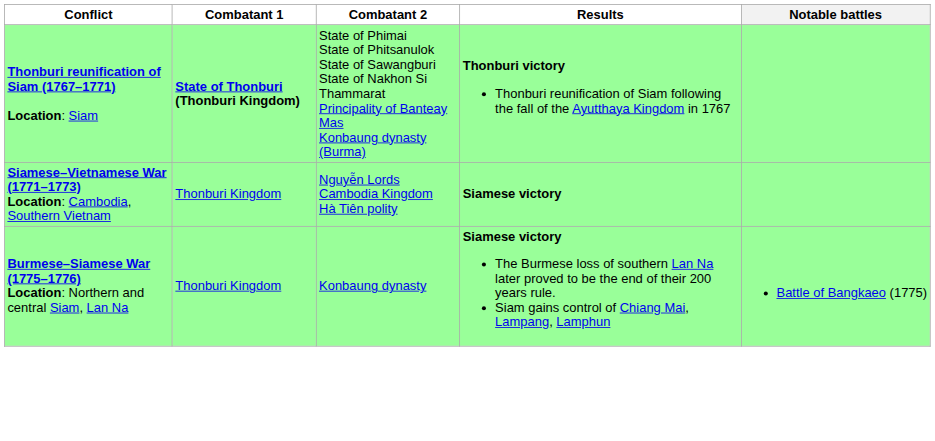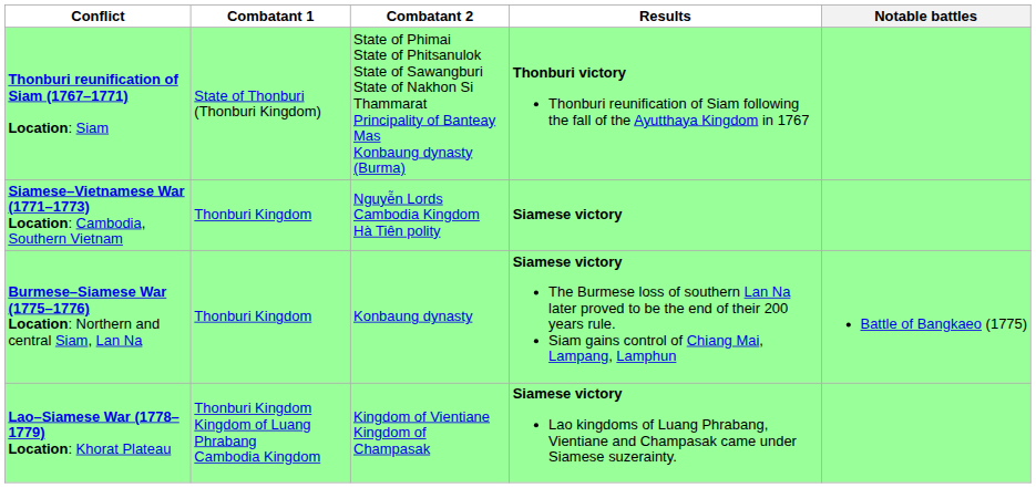 <table class="wikitable">
 <tr>
 <th style="background-color:white;" rowspan="1"width=200px><span>Conflict</span></th>
 <th style="background-color:white;" rowspan="1" width=170px><span>Combatant 1</span></th>
 <th style="background-color:white;" rowspan="1" width=170px><span>Combatant 2</span></th>
 <th style="background-color:white;" rowspan="1" width=340px><span>Results</span></th>
 <th>Notable battles</th>
 </tr>
 <tr bgcolor="#99ff99">
 <td><strong><a href='#'>Thonburi reunification of Siam (1767–1771)</a></strong><br><br><strong>Location</strong>: <a href='#'>Siam</a></td>
-<td><strong> <a href='#'>State of Thonburi</a> (Thonburi Kingdom)</strong></td>
+<td> <a href='#'>State of Thonburi</a> (Thonburi Kingdom)</td>
 <td>State of Phimai<br>State of Phitsanulok<br>State of Sawangburi<br>State of Nakhon Si Thammarat<br><a href='#'>Principality of Banteay Mas</a><br> <a href='#'>Konbaung dynasty (Burma)</a></td>
 <td><strong>Thonburi victory</strong><br><ul><li>Thonburi reunification of Siam following the fall of the <a href='#'>Ayutthaya Kingdom</a> in 1767</li></ul></td>
 <td></td>
 </tr>
 <tr bgcolor="#99ff99">
 <td><strong><a href='#'>Siamese–Vietnamese War (1771–1773)</a></strong><br><strong>Location</strong>: <a href='#'>Cambodia</a>, <a href='#'>Southern Vietnam</a> </td>
 <td> <a href='#'>Thonburi Kingdom</a></td>
 <td><a href='#'>Nguyễn Lords</a><br> <a href='#'>Cambodia Kingdom</a><br><a href='#'>Hà Tiên polity</a></td>
 <td><strong>Siamese victory</strong></td>
 <td></td>
 </tr>
 <tr bgcolor="#99ff99">
 <td><strong><a href='#'>Burmese–Siamese War (1775–1776)</a></strong><br><strong>Location</strong>: Northern and central <a href='#'>Siam</a>, <a href='#'>Lan Na</a></td>
 <td> <a href='#'>Thonburi Kingdom</a></td>
 <td> <a href='#'>Konbaung dynasty</a></td>
 <td><strong>Siamese victory</strong><br><ul><li>The Burmese loss of southern <a href='#'>Lan Na</a> later proved to be the end of their 200 years rule.</li><li>Siam gains control of <a href='#'>Chiang Mai</a>, <a href='#'>Lampang</a>, <a href='#'>Lamphun</a></li></ul></td>
 <td><br><ul><li><a href='#'>Battle of Bangkaeo</a> (1775)</li></ul></td>
 </tr>
+<tr bgcolor="#99ff99">
+<td><strong><a href='#'>Lao–Siamese War (1778–1779)</a></strong><br><strong>Location</strong>: <a href='#'>Khorat Plateau</a></td>
+<td>  <a href='#'>Thonburi Kingdom</a> <br> <a href='#'>Kingdom of Luang Phrabang</a><br> <a href='#'>Cambodia Kingdom</a></td>
+<td> <a href='#'>Kingdom of Vientiane</a><br> <a href='#'>Kingdom of Champasak</a></td>
+<td><strong>Siamese victory</strong><br><ul><li>Lao kingdoms of Luang Phrabang, Vientiane and Champasak came under Siamese suzerainty.</li></ul></td>
+<td></td>
+</tr>
 </table>
